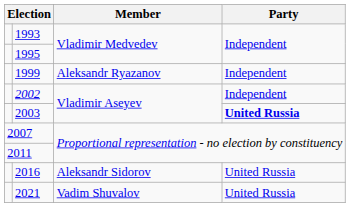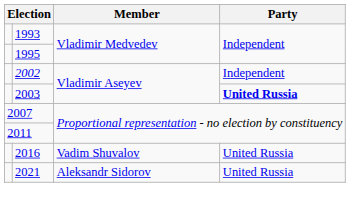 <table class="wikitable">
 <tr>
 <th colspan="2">Election</th>
 <th>Member</th>
 <th>Party</th>
 </tr>
 <tr>
 <td style="background-color:"></td>
 <td><a href='#'>1993</a></td>
 <td rowspan=2><a href='#'>Vladimir Medvedev</a></td>
 <td rowspan=2><a href='#'>Independent</a></td>
 </tr>
 <tr>
 <td style="background-color:"></td>
 <td><a href='#'>1995</a></td>
-</tr>
-<tr>
-<td style="background-color:"></td>
-<td><a href='#'>1999</a></td>
-<td><a href='#'>Aleksandr Ryazanov</a></td>
-<td><a href='#'>Independent</a></td>
 </tr>
 <tr>
 <td style="background-color:"></td>
 <td><em><a href='#'>2002</a></em></td>
 <td rowspan=2><a href='#'>Vladimir Aseyev</a></td>
 <td><a href='#'>Independent</a></td>
 </tr>
 <tr>
 <td style="background-color:"></td>
 <td><a href='#'>2003</a></td>
 <td><strong><a href='#'>United Russia</a></strong></td>
 </tr>
 <tr>
 <td colspan=2><a href='#'>2007</a></td>
 <td colspan=2 rowspan=2><em><a href='#'>Proportional representation</a> - no election by constituency</em></td>
 </tr>
 <tr>
 <td colspan=2><a href='#'>2011</a></td>
 </tr>
 <tr>
 <td style="background-color: "></td>
 <td><a href='#'>2016</a></td>
-<td><a href='#'>Aleksandr Sidorov</a></td>
+<td><a href='#'>Vadim Shuvalov</a></td>
 <td><a href='#'>United Russia</a></td>
 </tr>
 <tr>
 <td style="background-color: "></td>
 <td><a href='#'>2021</a></td>
-<td><a href='#'>Vadim Shuvalov</a></td>
+<td><a href='#'>Aleksandr Sidorov</a></td>
 <td><a href='#'>United Russia</a></td>
 </tr>
 </table>
